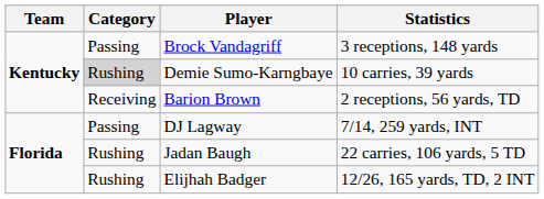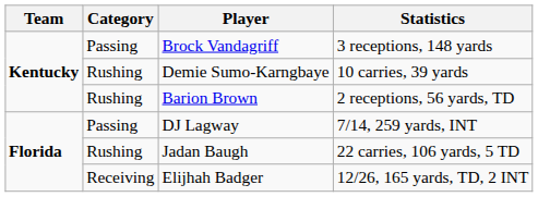 <table class="wikitable" style="float: right;">
 <tr>
 <th>Team</th>
 <th>Category</th>
 <th>Player</th>
 <th>Statistics</th>
 </tr>
 <tr>
 <td rowspan=3><strong>Kentucky</strong></td>
 <td>Passing</td>
 <td><a href='#'>Brock Vandagriff</a></td>
 <td>3 receptions, 148 yards</td>
 </tr>
 <tr>
-<td style="background: lightgrey;">Rushing</td>
+<td>Rushing</td>
 <td>Demie Sumo-Karngbaye</td>
 <td>10 carries, 39 yards</td>
 </tr>
 <tr>
-<td>Receiving</td>
+<td>Rushing</td>
 <td><a href='#'>Barion Brown</a></td>
 <td>2 receptions, 56 yards, TD</td>
 </tr>
 <tr>
 <td rowspan=3><strong>Florida</strong></td>
 <td>Passing</td>
 <td>DJ Lagway</td>
 <td>7/14, 259 yards, INT</td>
 </tr>
 <tr>
 <td>Rushing</td>
 <td>Jadan Baugh</td>
 <td>22 carries, 106 yards, 5 TD</td>
 </tr>
 <tr>
-<td>Rushing</td>
+<td>Receiving</td>
 <td>Elijhah Badger</td>
 <td>12/26, 165 yards, TD, 2 INT</td>
 </tr>
 </table>
